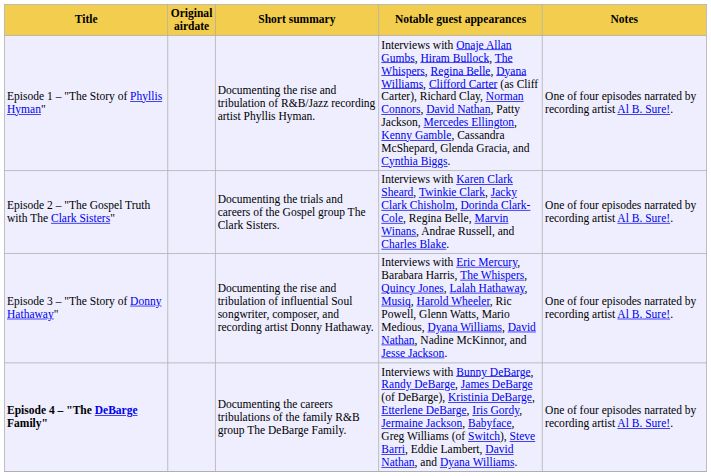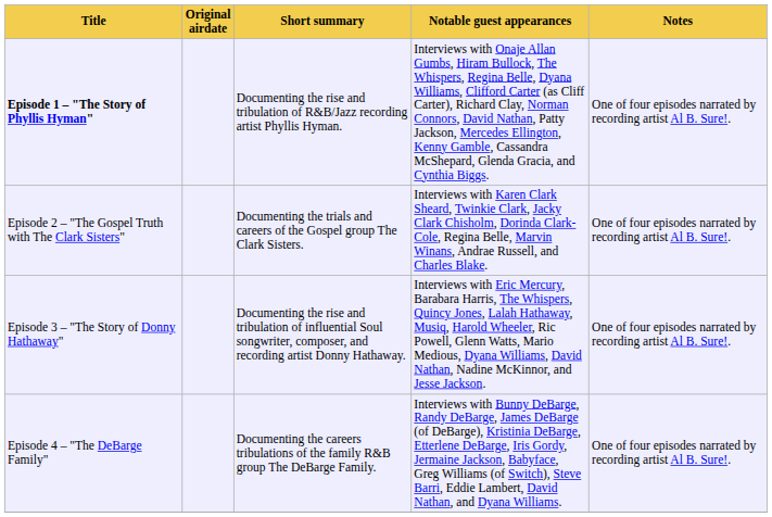 <table class="wikitable" style="background:#EEEEFF">
 <tr>
 <th scope="col" style="background-color: #F3CE4E" width="220">Title</th>
 <th scope="col" style="background-color: #F3CE4E" width="40pt">Original airdate</th>
 <th scope="col" style="background-color: #F3CE4E" width="220">Short summary</th>
 <th scope="col" style="background-color: #F3CE4E" width="220">Notable guest appearances</th>
 <th scope="col" style="background-color: #F3CE4E" width="220">Notes</th>
 </tr>
 <tr>
-<td>Episode 1 – "The Story of <a href='#'>Phyllis Hyman</a>"</td>
+<td><strong>Episode 1 – "The Story of <a href='#'>Phyllis Hyman</a>"</strong></td>
 <td></td>
 <td>Documenting the rise and tribulation of R&B/Jazz recording artist Phyllis Hyman.</td>
 <td>Interviews with <a href='#'>Onaje Allan Gumbs</a>, <a href='#'>Hiram Bullock</a>, <a href='#'>The Whispers</a>, <a href='#'>Regina Belle</a>, <a href='#'>Dyana Williams</a>, <a href='#'>Clifford Carter</a> (as Cliff Carter), Richard Clay, <a href='#'>Norman Connors</a>, <a href='#'>David Nathan</a>, Patty Jackson, <a href='#'>Mercedes Ellington</a>, <a href='#'>Kenny Gamble</a>, Cassandra McShepard, Glenda Gracia, and <a href='#'>Cynthia Biggs</a>.</td>
 <td>One of four episodes narrated by recording artist <a href='#'>Al B. Sure!</a>.</td>
 </tr>
 <tr>
 <td>Episode 2 – "The Gospel Truth with The <a href='#'>Clark Sisters</a>"</td>
 <td></td>
 <td>Documenting the trials and careers of the Gospel group The Clark Sisters.</td>
 <td>Interviews with <a href='#'>Karen Clark Sheard</a>, <a href='#'>Twinkie Clark</a>, <a href='#'>Jacky Clark Chisholm</a>, <a href='#'>Dorinda Clark-Cole</a>, Regina Belle, <a href='#'>Marvin Winans</a>, Andrae Russell, and <a href='#'>Charles Blake</a>.</td>
 <td>One of four episodes narrated by recording artist <a href='#'>Al B. Sure!</a>.</td>
 </tr>
 <tr>
 <td>Episode 3 – "The Story of <a href='#'>Donny Hathaway</a>"</td>
 <td></td>
 <td>Documenting the rise and tribulation of influential Soul songwriter, composer, and recording artist Donny Hathaway.</td>
 <td>Interviews with <a href='#'>Eric Mercury</a>, Barabara Harris, <a href='#'>The Whispers</a>, <a href='#'>Quincy Jones</a>, <a href='#'>Lalah Hathaway</a>, <a href='#'>Musiq</a>, <a href='#'>Harold Wheeler</a>, Ric Powell, Glenn Watts, Mario Medious, <a href='#'>Dyana Williams</a>, <a href='#'>David Nathan</a>, Nadine McKinnor, and <a href='#'>Jesse Jackson</a>.</td>
 <td>One of four episodes narrated by recording artist <a href='#'>Al B. Sure!</a>.</td>
 </tr>
 <tr>
-<td><strong>Episode 4 – "The <a href='#'>DeBarge</a> Family"</strong></td>
+<td>Episode 4 – "The <a href='#'>DeBarge</a> Family"</td>
 <td></td>
 <td>Documenting the careers tribulations of the family R&B group The DeBarge Family.</td>
 <td>Interviews with <a href='#'>Bunny DeBarge</a>, <a href='#'>Randy DeBarge</a>, <a href='#'>James DeBarge</a> (of DeBarge), <a href='#'>Kristinia DeBarge</a>, <a href='#'>Etterlene DeBarge</a>, <a href='#'>Iris Gordy</a>, <a href='#'>Jermaine Jackson</a>, <a href='#'>Babyface</a>, Greg Williams (of <a href='#'>Switch</a>), <a href='#'>Steve Barri</a>, Eddie Lambert, <a href='#'>David Nathan</a>, and <a href='#'>Dyana Williams</a>.</td>
 <td>One of four episodes narrated by recording artist <a href='#'>Al B. Sure!</a>.</td>
 </tr>
 <tr>
 </tr>
 </table>
